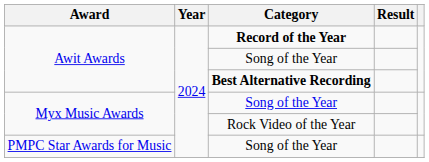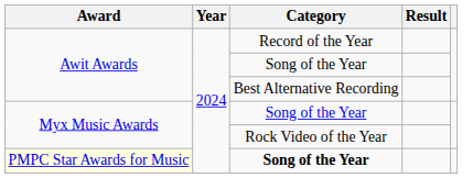 <table class="wikitable sortable plainrowheaders" style="text-align:center;">
 <tr>
 <th scope="col">Award</th>
 <th scope="col">Year</th>
 <th scope="col">Category</th>
 <th scope="col">Result</th>
 <th scope="col" class="unsortable"></th>
 </tr>
 <tr>
 <td rowspan="3"><a href='#'>Awit Awards</a></td>
 <td rowspan="6"><a href='#'>2024</a></td>
-<td><strong>Record of the Year</strong></td>
+<td>Record of the Year</td>
 <td></td>
 <td rowspan="3"></td>
 </tr>
 <tr>
 <td>Song of the Year</td>
 <td></td>
 </tr>
 <tr>
-<td><strong>Best Alternative Recording</strong></td>
+<td>Best Alternative Recording</td>
 <td></td>
 </tr>
 <tr>
 <td rowspan="2"><a href='#'>Myx Music Awards</a></td>
 <td><a href='#'>Song of the Year</a></td>
 <td></td>
 <td rowspan="2"></td>
 </tr>
 <tr>
 <td>Rock Video of the Year</td>
 <td></td>
 </tr>
 <tr>
-<td><a href='#'>PMPC Star Awards for Music</a></td>
-<td>Song of the Year</td>
+<td style="background: lightyellow;"><a href='#'>PMPC Star Awards for Music</a></td>
+<td><strong>Song of the Year</strong></td>
 <td></td>
 <td></td>
 </tr>
 </table>
